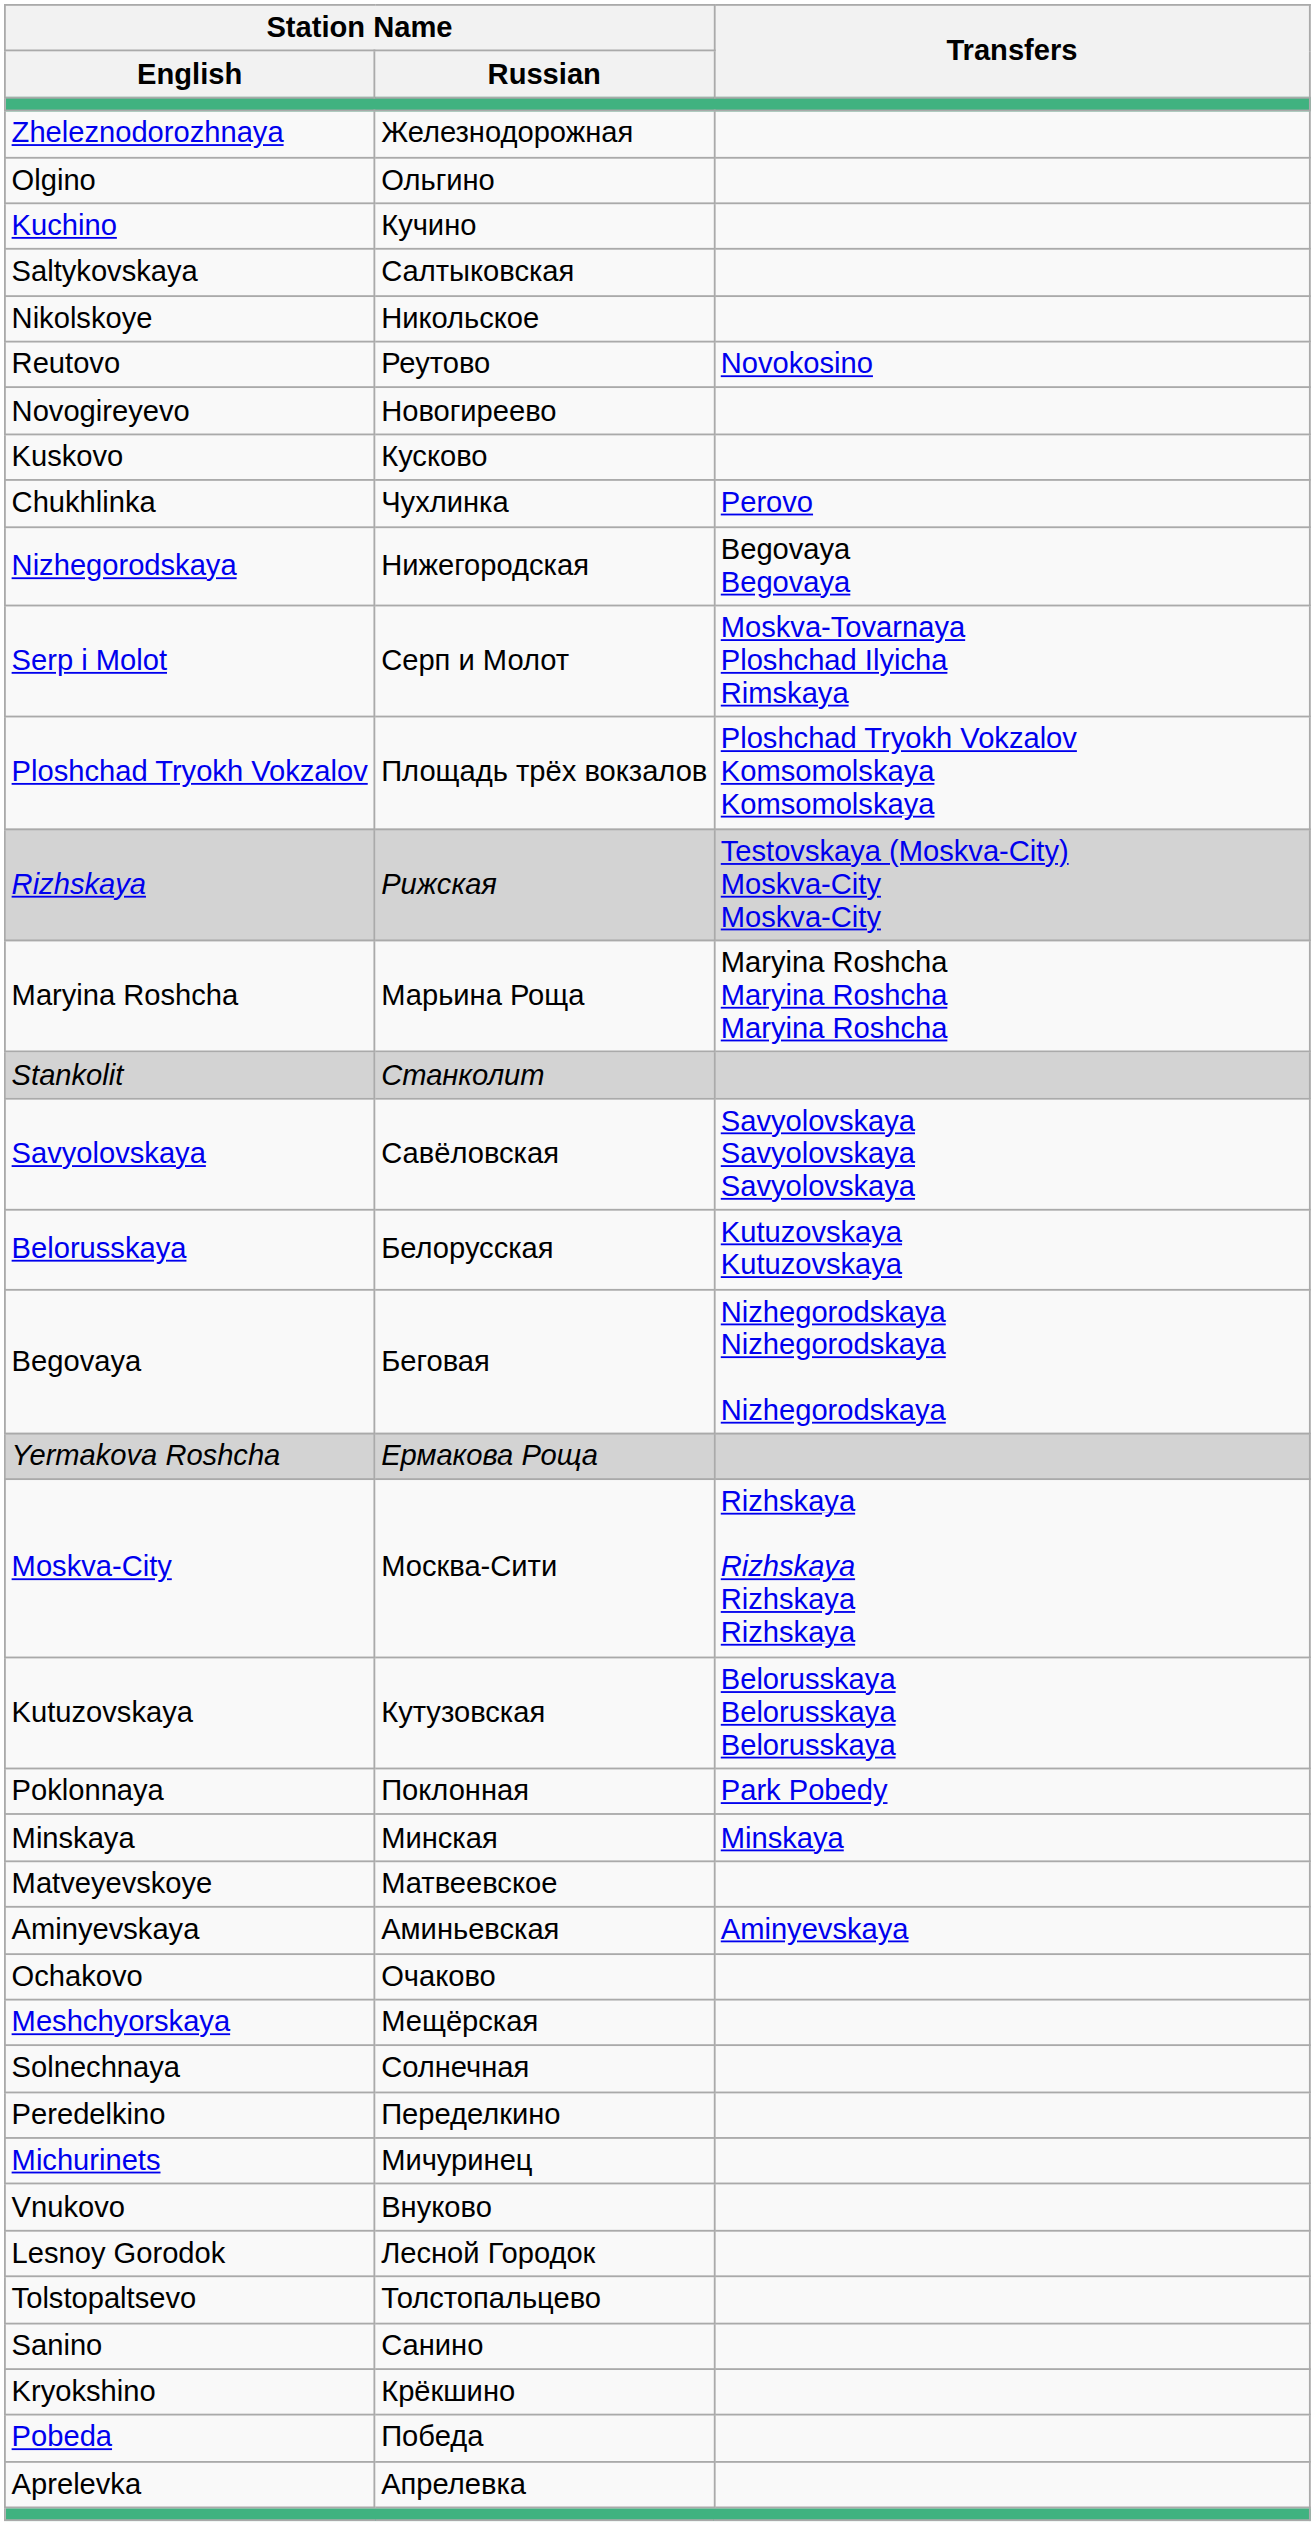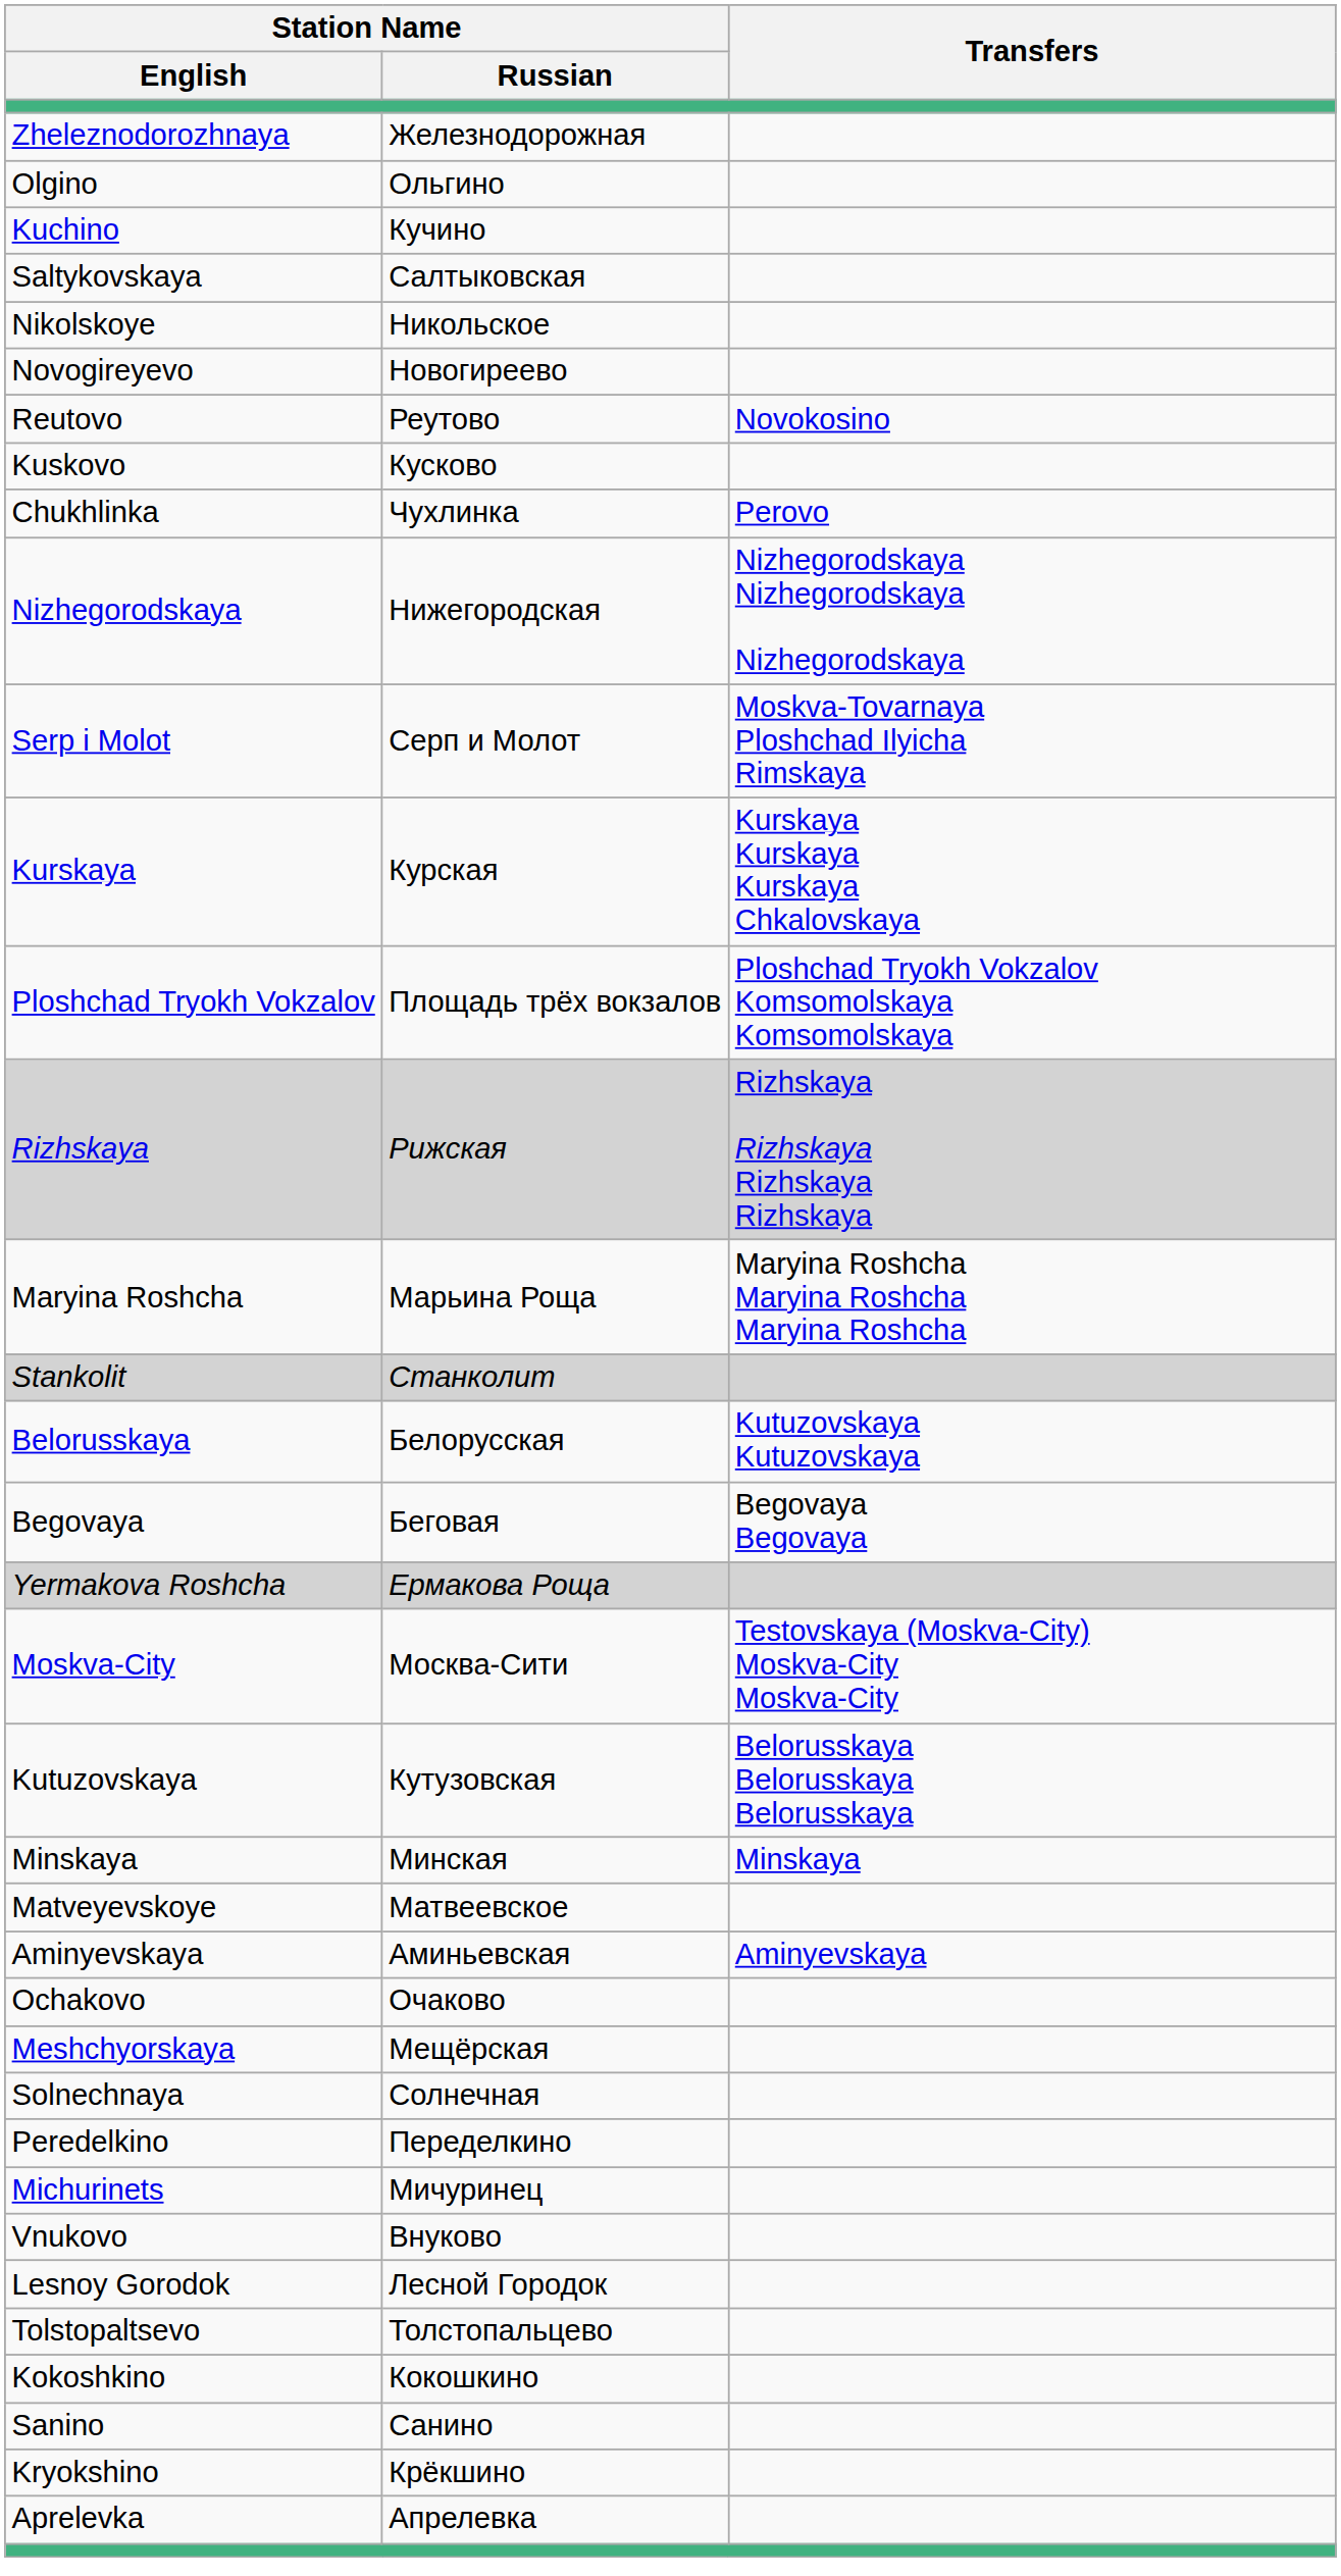 <table class="wikitable">
 <tr>
 <th colspan="2" style="min-width: 165px;">Station Name</th>
 <th rowspan="2" style="min-width: 320px;">Transfers</th>
 </tr>
 <tr>
 <th>English</th>
 <th>Russian</th>
 </tr>
 <tr style="background: #40b280; height: 2pt">
 <td colspan="3"></td>
 </tr>
 <tr>
 <td><a href='#'>Zheleznodorozhnaya</a></td>
 <td>Железнодорожная</td>
 <td></td>
 </tr>
 <tr>
 <td>Olgino</td>
 <td>Ольгино</td>
 <td></td>
 </tr>
 <tr>
 <td><a href='#'>Kuchino</a></td>
 <td>Кучино</td>
 <td></td>
 </tr>
 <tr>
 <td>Saltykovskaya</td>
 <td>Салтыковская</td>
 <td></td>
 </tr>
 <tr>
 <td>Nikolskoye</td>
 <td>Никольское</td>
 <td></td>
 </tr>
 <tr>
+<td>Novogireyevo</td>
+<td>Новогиреево</td>
+<td></td>
+</tr>
+<tr>
 <td>Reutovo</td>
 <td>Реутово</td>
 <td> <a href='#'>Novokosino</a></td>
-</tr>
-<tr>
-<td>Novogireyevo</td>
-<td>Новогиреево</td>
-<td></td>
 </tr>
 <tr>
 <td>Kuskovo</td>
 <td>Кусково</td>
 <td></td>
 </tr>
 <tr>
 <td>Chukhlinka</td>
 <td>Чухлинка</td>
 <td> <a href='#'>Perovo</a></td>
 </tr>
 <tr>
 <td><a href='#'>Nizhegorodskaya</a></td>
 <td>Нижегородская</td>
-<td> Begovaya <br>  <a href='#'>Begovaya</a></td>
+<td> <a href='#'>Nizhegorodskaya</a> <br>   <a href='#'>Nizhegorodskaya</a><br><br> <a href='#'>Nizhegorodskaya</a></td>
 </tr>
 <tr>
 <td><a href='#'>Serp i Molot</a></td>
 <td>Серп и Молот</td>
 <td> <a href='#'>Moskva-Tovarnaya</a> <br>  <a href='#'>Ploshchad Ilyicha</a> <br>  <a href='#'>Rimskaya</a></td>
+</tr>
+<tr>
+<td><a href='#'>Kurskaya</a></td>
+<td>Курская</td>
+<td> <a href='#'>Kurskaya</a> <br>  <a href='#'>Kurskaya</a> <br>  <a href='#'>Kurskaya</a> <br>  <a href='#'>Chkalovskaya</a></td>
 </tr>
 <tr>
 <td><a href='#'>Ploshchad Tryokh Vokzalov</a></td>
 <td>Площадь трёх вокзалов</td>
 <td> <a href='#'>Ploshchad Tryokh Vokzalov</a> <br>  <a href='#'>Komsomolskaya</a> <br>  <a href='#'>Komsomolskaya</a></td>
 </tr>
 <tr bgcolor="lightgrey">
 <td><em><a href='#'>Rizhskaya</a></em></td>
 <td><em>Рижская</em></td>
-<td> <a href='#'>Testovskaya (Moskva-City)</a> <br>  <a href='#'>Moskva-City</a> <br>  <a href='#'>Moskva-City</a></td>
+<td> <a href='#'>Rizhskaya</a> <br><br> <em><a href='#'>Rizhskaya</a></em> <br> <a href='#'>Rizhskaya</a> <br>  <a href='#'>Rizhskaya</a></td>
 </tr>
 <tr>
 <td>Maryina Roshcha</td>
 <td>Марьина Роща</td>
 <td> Maryina Roshcha <br>  <a href='#'>Maryina Roshcha</a> <br>  <a href='#'>Maryina Roshcha</a></td>
 </tr>
 <tr bgcolor="lightgrey">
 <td><em>Stankolit</em></td>
 <td><em>Станколит</em></td>
 <td></td>
 </tr>
 <tr>
-<td><a href='#'>Savyolovskaya</a></td>
-<td>Савёловская</td>
-<td> <a href='#'>Savyolovskaya</a> <br>  <a href='#'>Savyolovskaya</a> <br>  <a href='#'>Savyolovskaya</a></td>
-</tr>
-<tr>
 <td><a href='#'>Belorusskaya</a></td>
 <td>Белорусская</td>
 <td> <a href='#'>Kutuzovskaya</a> <br>  <a href='#'>Kutuzovskaya</a></td>
 </tr>
 <tr>
 <td>Begovaya</td>
 <td>Беговая</td>
-<td> <a href='#'>Nizhegorodskaya</a> <br>   <a href='#'>Nizhegorodskaya</a><br><br> <a href='#'>Nizhegorodskaya</a></td>
+<td> Begovaya <br>  <a href='#'>Begovaya</a></td>
 </tr>
 <tr bgcolor="lightgrey">
 <td><em>Yermakova Roshcha</em></td>
 <td><em>Ермакова Роща</em></td>
 <td></td>
 </tr>
 <tr>
 <td><a href='#'>Moskva-City</a></td>
 <td>Москва-Сити</td>
-<td> <a href='#'>Rizhskaya</a> <br><br> <em><a href='#'>Rizhskaya</a></em> <br> <a href='#'>Rizhskaya</a> <br>  <a href='#'>Rizhskaya</a></td>
+<td> <a href='#'>Testovskaya (Moskva-City)</a> <br>  <a href='#'>Moskva-City</a> <br>  <a href='#'>Moskva-City</a></td>
 </tr>
 <tr>
 <td>Kutuzovskaya</td>
 <td>Кутузовская</td>
 <td> <a href='#'>Belorusskaya</a> <br>  <a href='#'>Belorusskaya</a> <br>  <a href='#'>Belorusskaya</a></td>
-</tr>
-<tr>
-<td>Poklonnaya</td>
-<td>Поклонная</td>
-<td>  <a href='#'>Park Pobedy</a></td>
 </tr>
 <tr>
 <td>Minskaya</td>
 <td>Минская</td>
 <td> <a href='#'>Minskaya</a></td>
 </tr>
 <tr>
 <td>Matveyevskoye</td>
 <td>Матвеевское</td>
 <td></td>
 </tr>
 <tr>
 <td>Aminyevskaya</td>
 <td>Аминьевская</td>
 <td> <a href='#'>Aminyevskaya</a></td>
 </tr>
 <tr>
 <td>Ochakovo</td>
 <td>Очаково</td>
 <td></td>
 </tr>
 <tr>
 <td><a href='#'>Meshchyorskaya</a></td>
 <td>Мещёрская</td>
 <td></td>
 </tr>
 <tr>
 <td>Solnechnaya</td>
 <td>Солнечная</td>
 <td></td>
 </tr>
 <tr>
 <td>Peredelkino</td>
 <td>Переделкино</td>
 <td></td>
 </tr>
 <tr>
 <td><a href='#'>Michurinets</a></td>
 <td>Мичуринец</td>
 <td></td>
 </tr>
 <tr>
 <td>Vnukovo</td>
 <td>Внуково</td>
 <td></td>
 </tr>
 <tr>
 <td>Lesnoy Gorodok</td>
 <td>Лесной Городок</td>
 <td></td>
 </tr>
 <tr>
 <td>Tolstopaltsevo</td>
 <td>Толстопальцево</td>
 <td></td>
 </tr>
 <tr>
+<td>Kokoshkino</td>
+<td>Кокошкино</td>
+<td></td>
+</tr>
+<tr>
 <td>Sanino</td>
 <td>Санино</td>
 <td></td>
 </tr>
 <tr>
 <td>Kryokshino</td>
 <td>Крёкшино</td>
-<td></td>
-</tr>
-<tr>
-<td><a href='#'>Pobeda</a></td>
-<td>Победа</td>
 <td></td>
 </tr>
 <tr>
 <td>Aprelevka</td>
 <td>Апрелевка</td>
 <td></td>
 </tr>
 <tr style="background: #40b280; height: 2pt">
 <td colspan="3"></td>
 </tr>
 </table>
